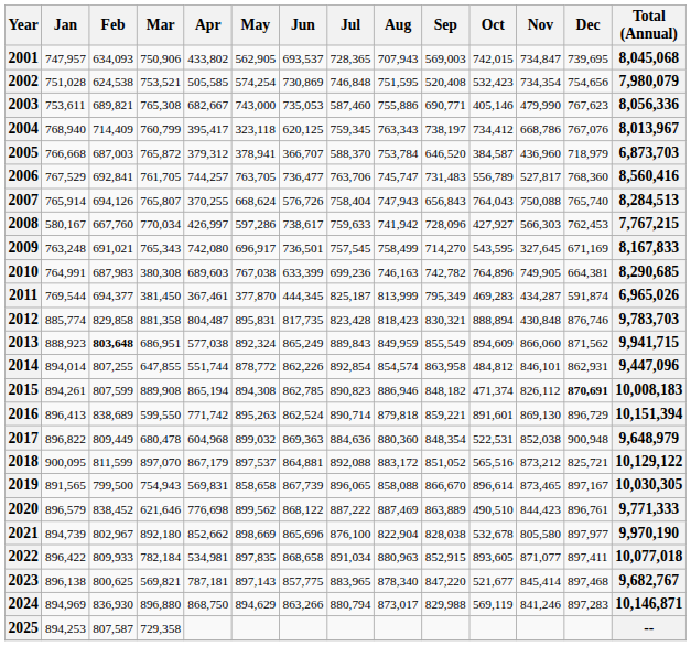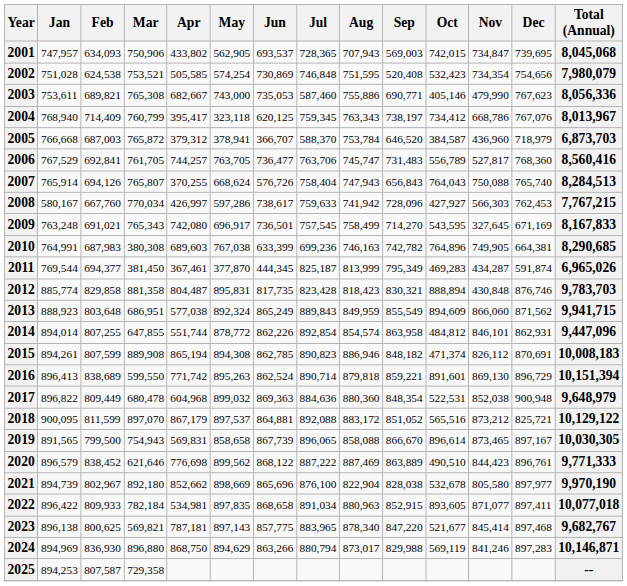 <table class="wikitable">
 <tr>
 <th>Year</th>
 <th>Jan</th>
 <th>Feb</th>
 <th>Mar</th>
 <th>Apr</th>
 <th>May</th>
 <th>Jun</th>
 <th>Jul</th>
 <th>Aug</th>
 <th>Sep</th>
 <th>Oct</th>
 <th>Nov</th>
 <th>Dec</th>
 <th>Total (Annual)</th>
 </tr>
 <tr>
 <th>2001</th>
 <td><small>747,957</small></td>
 <td><small>634,093</small></td>
 <td><small>750,906</small></td>
 <td><small>433,802</small></td>
 <td><small>562,905</small></td>
 <td><small>693,537</small></td>
 <td><small>728,365</small></td>
 <td><small>707,943</small></td>
 <td><small>569,003</small></td>
 <td><small>742,015</small></td>
 <td><small>734,847</small></td>
 <td><small>739,695</small></td>
 <th>8,045,068</th>
 </tr>
 <tr>
 <th>2002</th>
 <td><small>751,028</small></td>
 <td><small>624,538</small></td>
 <td><small>753,521</small></td>
 <td><small>505,585</small></td>
 <td><small>574,254</small></td>
 <td><small>730,869</small></td>
 <td><small>746,848</small></td>
 <td><small>751,595</small></td>
 <td><small>520,408</small></td>
 <td><small>532,423</small></td>
 <td><small>734,354</small></td>
 <td><small>754,656</small></td>
 <th>7,980,079</th>
 </tr>
 <tr>
 <th>2003</th>
 <td><small>753,611</small></td>
 <td><small>689,821</small></td>
 <td><small>765,308</small></td>
 <td><small>682,667</small></td>
 <td><small>743,000</small></td>
 <td><small>735,053</small></td>
 <td><small>587,460</small></td>
 <td><small>755,886</small></td>
 <td><small>690,771</small></td>
 <td><small>405,146</small></td>
 <td><small>479,990</small></td>
 <td><small>767,623</small></td>
 <th>8,056,336</th>
 </tr>
 <tr>
 <th>2004</th>
 <td><small>768,940</small></td>
 <td><small>714,409</small></td>
 <td><small>760,799</small></td>
 <td><small>395,417</small></td>
 <td><small>323,118</small></td>
 <td><small>620,125</small></td>
 <td><small>759,345</small></td>
 <td><small>763,343</small></td>
 <td><small>738,197</small></td>
 <td><small>734,412</small></td>
 <td><small>668,786</small></td>
 <td><small>767,076</small></td>
 <th>8,013,967</th>
 </tr>
 <tr>
 <th>2005</th>
 <td><small>766,668</small></td>
 <td><small>687,003</small></td>
 <td><small>765,872</small></td>
 <td><small>379,312</small></td>
 <td><small>378,941</small></td>
 <td><small>366,707</small></td>
 <td><small>588,370</small></td>
 <td><small>753,784</small></td>
 <td><small>646,520</small></td>
 <td><small>384,587</small></td>
 <td><small>436,960</small></td>
 <td><small>718,979</small></td>
 <th>6,873,703</th>
 </tr>
 <tr>
 <th>2006</th>
 <td><small>767,529</small></td>
 <td><small>692,841</small></td>
 <td><small>761,705</small></td>
 <td><small>744,257</small></td>
 <td><small>763,705</small></td>
 <td><small>736,477</small></td>
 <td><small>763,706</small></td>
 <td><small>745,747</small></td>
 <td><small>731,483</small></td>
 <td><small>556,789</small></td>
 <td><small>527,817</small></td>
 <td><small>768,360</small></td>
 <th>8,560,416</th>
 </tr>
 <tr>
 <th>2007</th>
 <td><small>765,914</small></td>
 <td><small>694,126</small></td>
 <td><small>765,807</small></td>
 <td><small>370,255</small></td>
 <td><small>668,624</small></td>
 <td><small>576,726</small></td>
 <td><small>758,404</small></td>
 <td><small>747,943</small></td>
 <td><small>656,843</small></td>
 <td><small>764,043</small></td>
 <td><small>750,088</small></td>
 <td><small>765,740</small></td>
 <th>8,284,513</th>
 </tr>
 <tr>
 <th>2008</th>
 <td><small>580,167</small></td>
 <td><small>667,760</small></td>
 <td><small>770,034</small></td>
 <td><small>426,997</small></td>
 <td><small>597,286</small></td>
 <td><small>738,617</small></td>
 <td><small>759,633</small></td>
 <td><small>741,942</small></td>
 <td><small>728,096</small></td>
 <td><small>427,927</small></td>
 <td><small>566,303</small></td>
 <td><small>762,453</small></td>
 <th>7,767,215</th>
 </tr>
 <tr>
 <th>2009</th>
 <td><small>763,248</small></td>
 <td><small>691,021</small></td>
 <td><small>765,343</small></td>
 <td><small>742,080</small></td>
 <td><small>696,917</small></td>
 <td><small>736,501</small></td>
 <td><small>757,545</small></td>
 <td><small>758,499</small></td>
 <td><small>714,270</small></td>
 <td><small>543,595</small></td>
 <td><small>327,645</small></td>
 <td><small>671,169</small></td>
 <th>8,167,833</th>
 </tr>
 <tr>
 <th>2010</th>
 <td><small>764,991</small></td>
 <td><small>687,983</small></td>
 <td><small>380,308</small></td>
 <td><small>689,603</small></td>
 <td><small>767,038</small></td>
 <td><small>633,399</small></td>
 <td><small>699,236</small></td>
 <td><small>746,163</small></td>
 <td><small>742,782</small></td>
 <td><small>764,896</small></td>
 <td><small>749,905</small></td>
 <td><small>664,381</small></td>
 <th>8,290,685</th>
 </tr>
 <tr>
 <th>2011</th>
 <td><small>769,544</small></td>
 <td><small>694,377</small></td>
 <td><small>381,450</small></td>
 <td><small>367,461</small></td>
 <td><small>377,870</small></td>
 <td><small>444,345</small></td>
 <td><small>825,187</small></td>
 <td><small>813,999</small></td>
 <td><small>795,349</small></td>
 <td><small>469,283</small></td>
 <td><small>434,287</small></td>
 <td><small>591,874</small></td>
 <th>6,965,026</th>
 </tr>
 <tr>
 <th>2012</th>
 <td><small>885,774</small></td>
 <td><small>829,858</small></td>
 <td><small>881,358</small></td>
 <td><small>804,487</small></td>
 <td><small>895,831</small></td>
 <td><small>817,735</small></td>
 <td><small>823,428</small></td>
 <td><small>818,423</small></td>
 <td><small>830,321</small></td>
 <td><small>888,894</small></td>
 <td><small>430,848</small></td>
 <td><small>876,746</small></td>
 <th>9,783,703</th>
 </tr>
 <tr>
 <th>2013</th>
 <td><small>888,923</small></td>
-<td><strong><small>803,648</small></strong></td>
+<td><small>803,648</small></td>
 <td><small>686,951</small></td>
 <td><small>577,038</small></td>
 <td><small>892,324</small></td>
 <td><small>865,249</small></td>
 <td><small>889,843</small></td>
 <td><small>849,959</small></td>
 <td><small>855,549</small></td>
 <td><small>894,609</small></td>
 <td><small>866,060</small></td>
 <td><small>871,562</small></td>
 <th>9,941,715</th>
 </tr>
 <tr>
 <th>2014</th>
 <td><small>894,014</small></td>
 <td><small>807,255</small></td>
 <td><small>647,855</small></td>
 <td><small>551,744</small></td>
 <td><small>878,772</small></td>
 <td><small>862,226</small></td>
 <td><small>892,854</small></td>
 <td><small>854,574</small></td>
 <td><small>863,958</small></td>
 <td><small>484,812</small></td>
 <td><small>846,101</small></td>
 <td><small>862,931</small></td>
 <th>9,447,096</th>
 </tr>
 <tr>
 <th>2015</th>
 <td><small>894,261</small></td>
 <td><small>807,599</small></td>
 <td><small>889,908</small></td>
 <td><small>865,194</small></td>
 <td><small>894,308</small></td>
 <td><small>862,785</small></td>
 <td><small>890,823</small></td>
 <td><small>886,946</small></td>
 <td><small>848,182</small></td>
 <td><small>471,374</small></td>
 <td><small>826,112</small></td>
-<td><strong><small>870,691</small></strong></td>
+<td><small>870,691</small></td>
 <th>10,008,183</th>
 </tr>
 <tr>
 <th>2016</th>
 <td><small>896,413</small></td>
 <td><small>838,689</small></td>
 <td><small>599,550</small></td>
 <td><small>771,742</small></td>
 <td><small>895,263</small></td>
 <td><small>862,524</small></td>
 <td><small>890,714</small></td>
 <td><small>879,818</small></td>
 <td><small>859,221</small></td>
 <td><small>891,601</small></td>
 <td><small>869,130</small></td>
 <td><small>896,729</small></td>
 <th>10,151,394</th>
 </tr>
 <tr>
 <th>2017</th>
 <td><small>896,822</small></td>
 <td><small>809,449</small></td>
 <td><small>680,478</small></td>
 <td><small>604,968</small></td>
 <td><small>899,032</small></td>
 <td><small>869,363</small></td>
 <td><small>884,636</small></td>
 <td><small>880,360</small></td>
 <td><small>848,354</small></td>
 <td><small>522,531</small></td>
 <td><small>852,038</small></td>
 <td><small>900,948</small></td>
 <th>9,648,979</th>
 </tr>
 <tr>
 <th>2018</th>
 <td><small>900,095</small></td>
 <td><small>811,599</small></td>
 <td><small>897,070</small></td>
 <td><small>867,179</small></td>
 <td><small>897,537</small></td>
 <td><small>864,881</small></td>
 <td><small>892,088</small></td>
 <td><small>883,172</small></td>
 <td><small>851,052</small></td>
 <td><small>565,516</small></td>
 <td><small>873,212</small></td>
 <td><small>825,721</small></td>
 <th>10,129,122</th>
 </tr>
 <tr>
 <th>2019</th>
 <td><small>891,565</small></td>
 <td><small>799,500</small></td>
 <td><small>754,943</small></td>
 <td><small>569,831</small></td>
 <td><small>858,658</small></td>
 <td><small>867,739</small></td>
 <td><small>896,065</small></td>
 <td><small>858,088</small></td>
 <td><small>866,670</small></td>
 <td><small>896,614</small></td>
 <td><small>873,465</small></td>
 <td><small>897,167</small></td>
 <th>10,030,305</th>
 </tr>
 <tr>
 <th>2020</th>
 <td><small>896,579</small></td>
 <td><small>838,452</small></td>
 <td><small>621,646</small></td>
 <td><small>776,698</small></td>
 <td><small>899,562</small></td>
 <td><small>868,122</small></td>
 <td><small>887,222</small></td>
 <td><small>887,469</small></td>
 <td><small>863,889</small></td>
 <td><small>490,510</small></td>
 <td><small>844,423</small></td>
 <td><small>896,761</small></td>
 <th>9,771,333</th>
 </tr>
 <tr>
 <th>2021</th>
 <td><small>894,739</small></td>
 <td><small>802,967</small></td>
 <td><small>892,180</small></td>
 <td><small>852,662</small></td>
 <td><small>898,669</small></td>
 <td><small>865,696</small></td>
 <td><small>876,100</small></td>
 <td><small>822,904</small></td>
 <td><small>828,038</small></td>
 <td><small>532,678</small></td>
 <td><small>805,580</small></td>
 <td><small>897,977</small></td>
 <th>9,970,190</th>
 </tr>
 <tr>
 <th>2022</th>
 <td><small>896,422</small></td>
 <td><small>809,933</small></td>
 <td><small>782,184</small></td>
 <td><small>534,981</small></td>
 <td><small>897,835</small></td>
 <td><small>868,658</small></td>
 <td><small>891,034</small></td>
 <td><small>880,963</small></td>
 <td><small>852,915</small></td>
 <td><small>893,605</small></td>
 <td><small>871,077</small></td>
 <td><small>897,411</small></td>
 <th>10,077,018</th>
 </tr>
 <tr>
 <th>2023</th>
 <td><small>896,138</small></td>
 <td><small>800,625</small></td>
 <td><small>569,821</small></td>
 <td><small>787,181</small></td>
 <td><small>897,143</small></td>
 <td><small>857,775</small></td>
 <td><small>883,965</small></td>
 <td><small>878,340</small></td>
 <td><small>847,220</small></td>
 <td><small>521,677</small></td>
 <td><small>845,414</small></td>
 <td><small>897,468</small></td>
 <th>9,682,767</th>
 </tr>
 <tr>
 <th>2024</th>
 <td><small>894,969</small></td>
 <td><small>836,930</small></td>
 <td><small>896,880</small></td>
 <td><small>868,750</small></td>
 <td><small>894,629</small></td>
 <td><small>863,266</small></td>
 <td><small>880,794</small></td>
 <td><small>873,017</small></td>
 <td><small>829,988</small></td>
 <td><small>569,119</small></td>
 <td><small>841,246</small></td>
 <td><small>897,283</small></td>
 <th>10,146,871</th>
 </tr>
 <tr>
 <th>2025</th>
 <td><small>894,253</small></td>
 <td><small>807,587</small></td>
 <td><small>729,358</small></td>
 <td><small></small></td>
 <td><small></small></td>
 <td><small></small></td>
 <td><small></small></td>
 <td><small></small></td>
 <td><small></small></td>
 <td><small></small></td>
 <td><small></small></td>
 <td><small></small></td>
 <th>--</th>
 </tr>
 <tr>
 </tr>
 </table>
